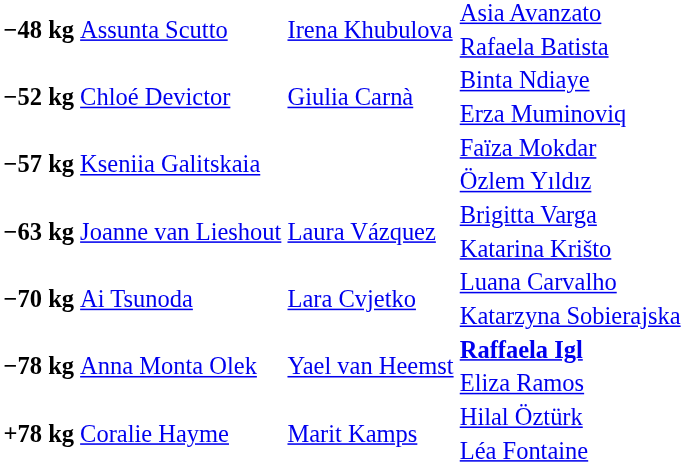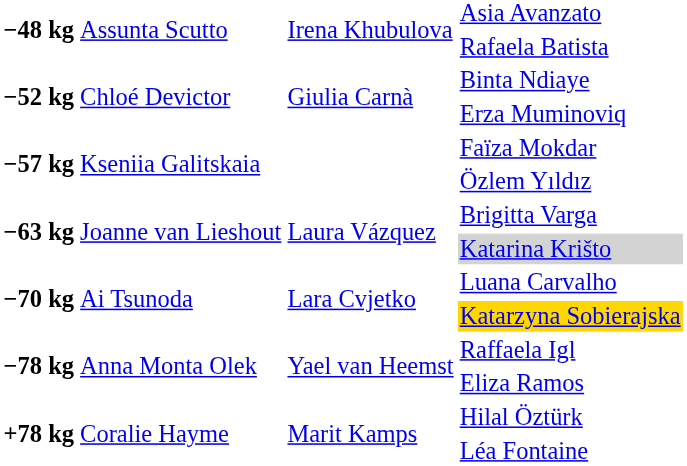 <table>
 <tr>
 <th rowspan=2>−48 kg</th>
 <td rowspan=2> <a href='#'>Assunta Scutto</a></td>
 <td rowspan=2> <a href='#'>Irena Khubulova</a></td>
 <td> <a href='#'>Asia Avanzato</a></td>
 </tr>
 <tr>
 <td> <a href='#'>Rafaela Batista</a></td>
 </tr>
 <tr>
 <th rowspan=2>−52 kg</th>
 <td rowspan=2> <a href='#'>Chloé Devictor</a></td>
 <td rowspan=2> <a href='#'>Giulia Carnà</a></td>
 <td> <a href='#'>Binta Ndiaye</a></td>
 </tr>
 <tr>
 <td> <a href='#'>Erza Muminoviq</a></td>
 </tr>
 <tr>
 <th rowspan=2>−57 kg</th>
 <td rowspan=2> <a href='#'>Kseniia Galitskaia</a></td>
 <td rowspan=2> </td>
 <td> <a href='#'>Faïza Mokdar</a></td>
 </tr>
 <tr>
 <td> <a href='#'>Özlem Yıldız</a></td>
 </tr>
 <tr>
 <th rowspan=2>−63 kg</th>
 <td rowspan=2> <a href='#'>Joanne van Lieshout</a></td>
 <td rowspan=2> <a href='#'>Laura Vázquez</a></td>
 <td> <a href='#'>Brigitta Varga</a></td>
 </tr>
 <tr>
-<td> <a href='#'>Katarina Krišto</a></td>
+<td style="background: lightgrey;"> <a href='#'>Katarina Krišto</a></td>
 </tr>
 <tr>
 <th rowspan=2>−70 kg</th>
 <td rowspan=2> <a href='#'>Ai Tsunoda</a></td>
 <td rowspan=2> <a href='#'>Lara Cvjetko</a></td>
 <td> <a href='#'>Luana Carvalho</a></td>
 </tr>
 <tr>
-<td> <a href='#'>Katarzyna Sobierajska</a></td>
+<td style="background: gold;"> <a href='#'>Katarzyna Sobierajska</a></td>
 </tr>
 <tr>
 <th rowspan=2>−78 kg</th>
 <td rowspan=2> <a href='#'>Anna Monta Olek</a></td>
 <td rowspan=2> <a href='#'>Yael van Heemst</a></td>
-<td><strong> <a href='#'>Raffaela Igl</a></strong></td>
+<td> <a href='#'>Raffaela Igl</a></td>
 </tr>
 <tr>
 <td> <a href='#'>Eliza Ramos</a></td>
 </tr>
 <tr>
 <th rowspan=2>+78 kg</th>
 <td rowspan=2> <a href='#'>Coralie Hayme</a></td>
 <td rowspan=2> <a href='#'>Marit Kamps</a></td>
 <td> <a href='#'>Hilal Öztürk</a></td>
 </tr>
 <tr>
 <td> <a href='#'>Léa Fontaine</a></td>
 </tr>
 </table>
